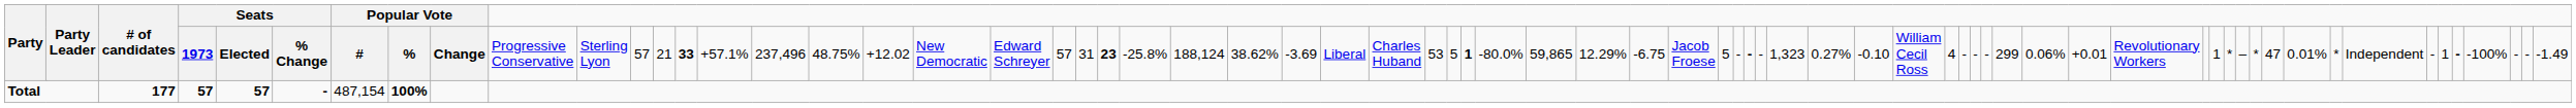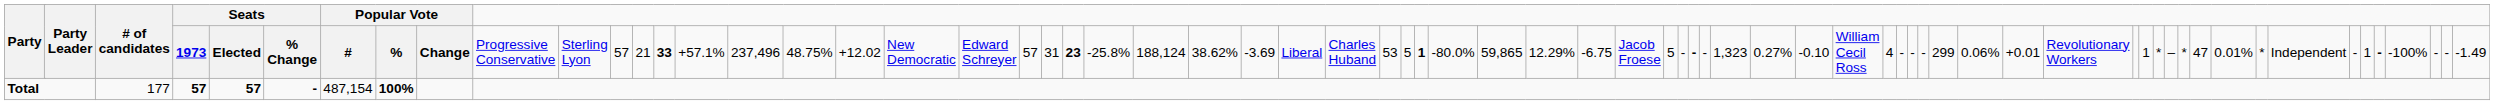 <table class="wikitable">
 <tr>
 <th rowspan="2" colspan="2">Party</th>
 <th rowspan="2">Party Leader</th>
 <th rowspan="2"># of<br>candidates</th>
 <th colspan="3">Seats</th>
 <th colspan="3">Popular Vote</th>
 </tr>
 <tr>
 <th><a href='#'>1973</a></th>
 <th>Elected</th>
 <th>% Change</th>
 <th>#</th>
 <th>%</th>
 <th>Change<br></th>
 <td><a href='#'>Progressive Conservative</a></td>
 <td><a href='#'>Sterling Lyon</a></td>
 <td align="right">57</td>
 <td align="right">21</td>
 <td align="right"><strong>33</strong></td>
 <td align="right">+57.1%</td>
 <td align="right">237,496</td>
 <td align="right">48.75%</td>
 <td align="right">+12.02<br></td>
 <td><a href='#'>New Democratic</a></td>
 <td><a href='#'>Edward Schreyer</a></td>
 <td align="right">57</td>
 <td align="right">31</td>
 <td align="right"><strong>23</strong></td>
 <td align="right">-25.8%</td>
 <td align="right">188,124</td>
 <td align="right">38.62%</td>
 <td align="right">-3.69<br></td>
 <td><a href='#'>Liberal</a></td>
 <td><a href='#'>Charles Huband</a></td>
 <td align="right">53</td>
 <td align="right">5</td>
 <td align="right"><strong>1</strong></td>
 <td align="right">-80.0%</td>
 <td align="right">59,865</td>
 <td align="right">12.29%</td>
 <td align="right">-6.75<br></td>
 <td><a href='#'>Jacob Froese</a></td>
 <td align="right">5</td>
 <td align="right">-</td>
 <td align="right"><strong>-</strong></td>
 <td align="right">-</td>
 <td align="right">1,323</td>
 <td align="right">0.27%</td>
 <td align="right">-0.10<br></td>
 <td><a href='#'>William Cecil Ross</a></td>
 <td align="right">4</td>
 <td align="right">-</td>
 <td align="right">-</td>
 <td align="right">-</td>
 <td align="right">299</td>
 <td align="right">0.06%</td>
 <td align="right">+0.01<br></td>
 <td><a href='#'>Revolutionary Workers</a></td>
 <td></td>
 <td align="right">1</td>
 <td align="right">*</td>
 <td align="right">–</td>
 <td align="right">*</td>
 <td align="right">47</td>
 <td align="right">0.01%</td>
 <td align="right">*<br></td>
 <td colspan="2">Independent</td>
 <td align="right">-</td>
 <td align="right">1</td>
 <td align="right"><strong>-</strong></td>
 <td align="right">-100%</td>
 <td align="right">-</td>
 <td align="right">-</td>
 <td align="right">-1.49</td>
 </tr>
 <tr>
 <td colspan="3"><strong>Total</strong></td>
-<td align="right"><strong>177</strong></td>
+<td align="right">177</td>
 <td align="right"><strong>57</strong></td>
 <td align="right"><strong>57</strong></td>
 <td align="right"><strong>-</strong></td>
 <td align="right">487,154</td>
 <td align="right"><strong>100%</strong></td>
 <td align="right"> </td>
 </tr>
 </table>
